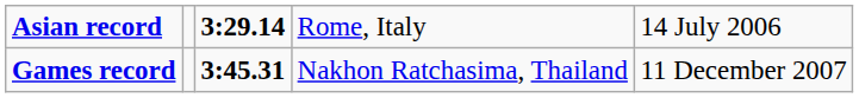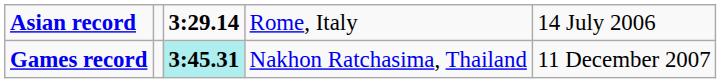 <table class="wikitable">
 <tr>
 <td><strong><a href='#'>Asian record</a></strong></td>
 <td></td>
 <td><strong>3:29.14</strong></td>
 <td><a href='#'>Rome</a>, Italy</td>
 <td>14 July 2006</td>
 </tr>
 <tr>
 <td><strong><a href='#'>Games record</a></strong></td>
 <td></td>
-<td><strong>3:45.31</strong></td>
+<td style="background: paleturquoise;"><strong>3:45.31</strong></td>
 <td><a href='#'>Nakhon Ratchasima</a>, <a href='#'>Thailand</a></td>
 <td>11 December 2007</td>
 </tr>
 </table>
